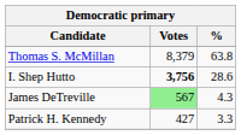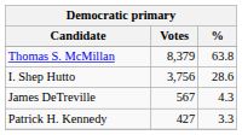 <table class="wikitable" align="left" style="margin: 1em 1em 1em 0; font-size: 95%;">
 <tr>
 <th colspan="3">Democratic primary</th>
 </tr>
 <tr>
 <th colspan="1" style="width: 170px">Candidate</th>
 <th style="width: 50px">Votes</th>
 <th style="width: 40px">%</th>
 </tr>
 <tr>
 </tr>
 <tr>
 <td><a href='#'>Thomas S. McMillan</a></td>
 <td align="right">8,379</td>
 <td align="right">63.8</td>
 </tr>
 <tr>
 <td>I. Shep Hutto</td>
-<td align="right"><strong>3,756</strong></td>
+<td align="right">3,756</td>
 <td align="right">28.6</td>
 </tr>
 <tr>
 <td>James DeTreville</td>
-<td align="right" style="background: lightgreen;">567</td>
+<td align="right">567</td>
 <td align="right">4.3</td>
 </tr>
 <tr>
 <td>Patrick H. Kennedy</td>
 <td align="right">427</td>
 <td align="right">3.3</td>
 </tr>
 <tr>
 </tr>
 </table>
